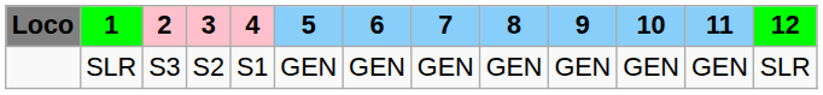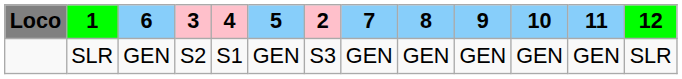 <table class="wikitable plainrowheaders unsortable" style="text-align:center">
 <tr>
 <th scope="col" rowspan="1" style="background:grey;">Loco</th>
 <th scope="col" rowspan="1" style="background:lime;">1</th>
-<th scope="col" rowspan="1" style="background:pink;">2</th>
+<th scope="col" rowspan="1" style="background:lightskyblue;">6</th>
 <th scope="col" rowspan="1" style="background:pink;">3</th>
 <th scope="col" rowspan="1" style="background:pink;">4</th>
 <th scope="col" rowspan="1" style="background:lightskyblue;">5</th>
-<th scope="col" rowspan="1" style="background:lightskyblue;">6</th>
+<th scope="col" rowspan="1" style="background:pink;">2</th>
 <th scope="col" rowspan="1" style="background:lightskyblue;">7</th>
 <th scope="col" rowspan="1" style="background:lightskyblue;">8</th>
 <th scope="col" rowspan="1" style="background:lightskyblue;">9</th>
 <th scope="col" rowspan="1" style="background:lightskyblue;">10</th>
 <th scope="col" rowspan="1" style="background:lightskyblue;">11</th>
 <th scope="col" rowspan="1" style="background:lime;">12</th>
 </tr>
 <tr>
 <td></td>
 <td>SLR</td>
-<td>S3</td>
+<td>GEN</td>
 <td>S2</td>
 <td>S1</td>
 <td>GEN</td>
-<td>GEN</td>
+<td>S3</td>
 <td>GEN</td>
 <td>GEN</td>
 <td>GEN</td>
 <td>GEN</td>
 <td>GEN</td>
 <td>SLR</td>
 </tr>
 </table>
